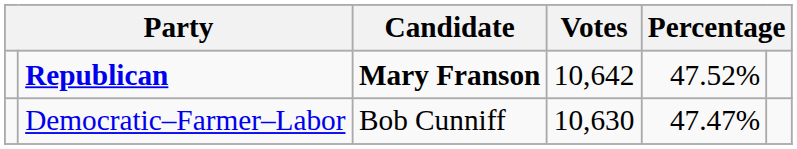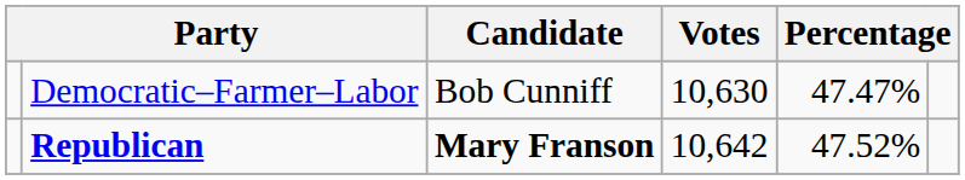 <table class="wikitable" style="text-align:right;">
 <tr style="background-color:#E9E9E9;text-align:center;">
 <th colspan=2>Party</th>
 <th>Candidate</th>
 <th>Votes</th>
 <th colspan=2>Percentage</th>
 </tr>
 <tr>
 <td style="background-color:"></td>
+<td style="text-align:left;"><a href='#'>Democratic–Farmer–Labor</a></td>
+<td style="text-align:left;">Bob Cunniff</td>
+<td style="text-align:right;">10,630</td>
+<td style="text-align:right;">47.47%</td>
+<td style="text-align:right;"><div><div> </div></div></td>
+</tr>
+<tr>
+<td style="background-color:"></td>
 <td style="text-align:left;"><strong><a href='#'>Republican</a></strong></td>
 <td style="text-align:left;"><strong>Mary Franson</strong></td>
 <td style="text-align:right;">10,642</td>
 <td style="text-align:right;">47.52%</td>
 <td style="text-align:right;"><div><div> </div></div></td>
 </tr>
-<tr>
-<td style="background-color:"></td>
-<td style="text-align:left;"><a href='#'>Democratic–Farmer–Labor</a></td>
-<td style="text-align:left;">Bob Cunniff</td>
-<td style="text-align:right;">10,630</td>
-<td style="text-align:right;">47.47%</td>
-<td style="text-align:right;"><div><div> </div></div></td>
-</tr>
 </table>
